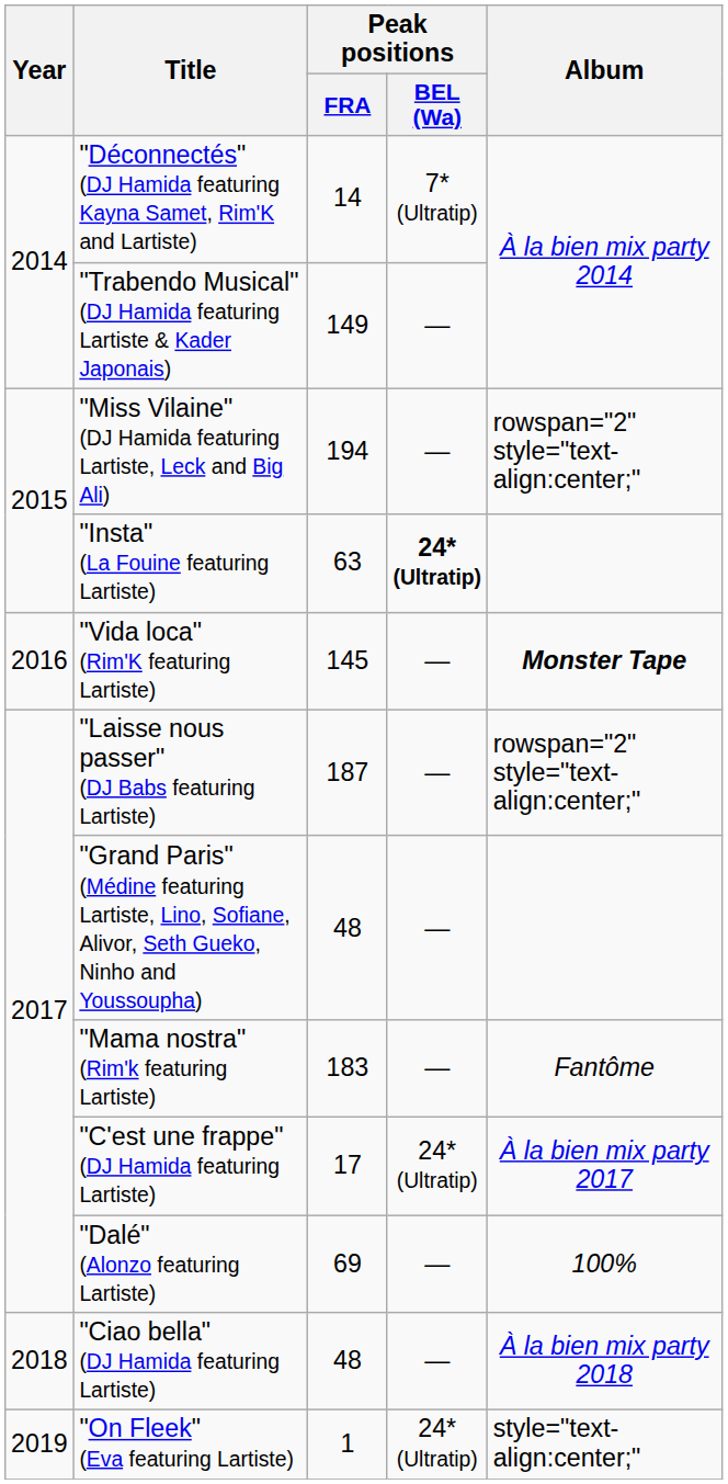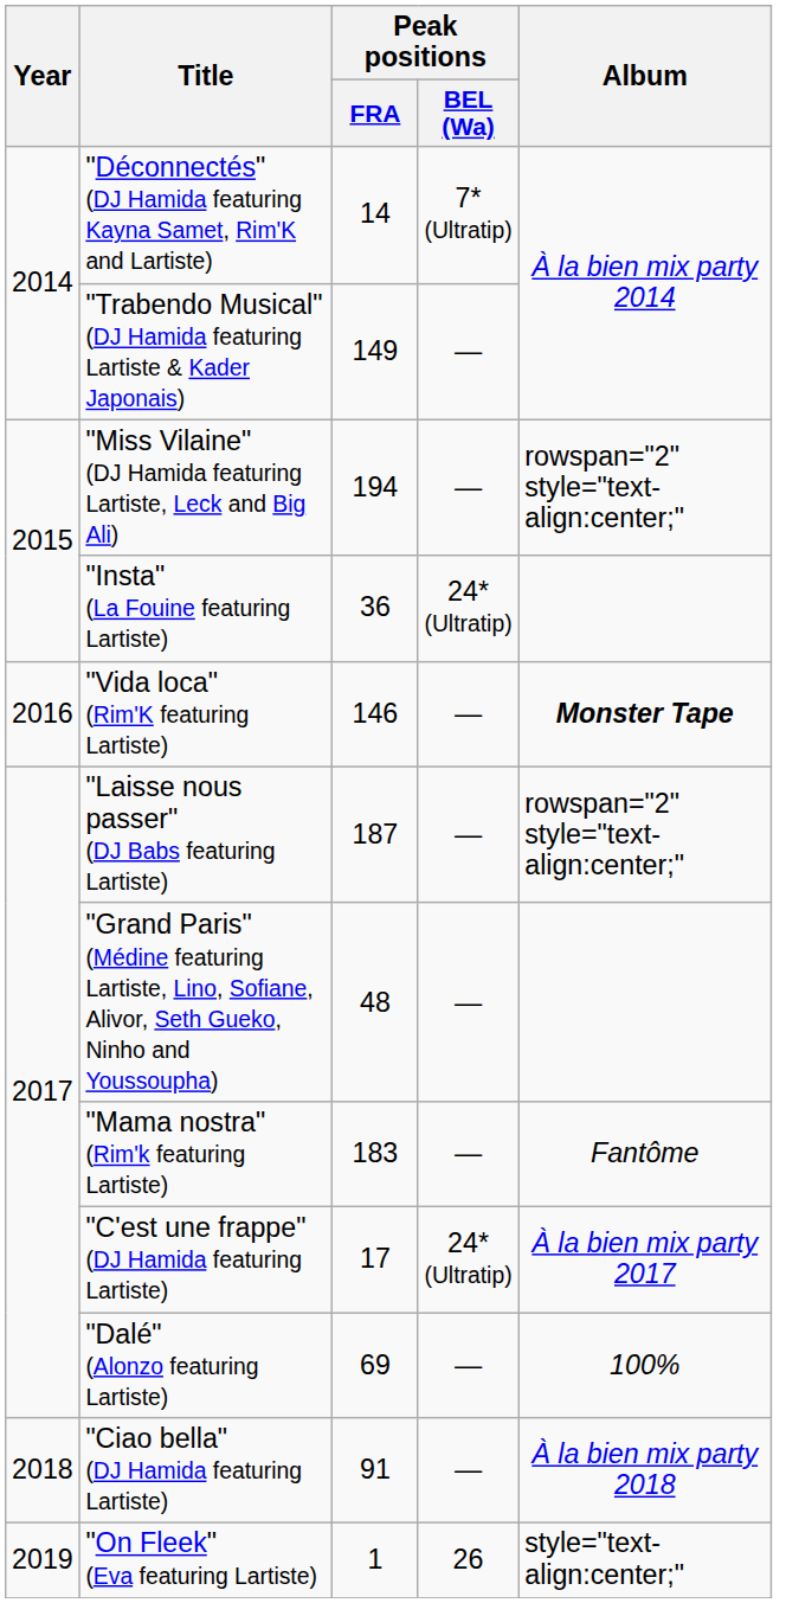 <table class="wikitable">
 <tr>
 <th align="center" rowspan="2" width="10">Year</th>
 <th align="center" rowspan="2" width="140">Title</th>
 <th align="center" colspan="2" width="20">Peak positions</th>
 <th align="center" rowspan="2" width="140">Album</th>
 </tr>
 <tr>
 <th scope="col" style="width:3em;font-size:90%;"><a href='#'>FRA</a><br></th>
 <th scope="col" style="width:3em;font-size:90%;"><a href='#'>BEL<br>(Wa)</a><br></th>
 </tr>
 <tr>
 <td style="text-align:center;" rowspan=2>2014</td>
 <td>"<a href='#'>Déconnectés</a>" <br><small>(<a href='#'>DJ Hamida</a> featuring <a href='#'>Kayna Samet</a>, <a href='#'>Rim'K</a> and Lartiste)</small></td>
 <td style="text-align:center;">14</td>
 <td style="text-align:center;">7*<br><small>(Ultratip)</small></td>
 <td style="text-align:center;" rowspan=2><em><a href='#'>À la bien mix party 2014</a></em></td>
 </tr>
 <tr>
 <td>"Trabendo Musical" <br><small>(<a href='#'>DJ Hamida</a> featuring Lartiste & <a href='#'>Kader Japonais</a>)</small></td>
 <td style="text-align:center;">149</td>
 <td style="text-align:center;">—</td>
 </tr>
 <tr>
 <td style="text-align:center;" rowspan=2>2015</td>
 <td>"Miss Vilaine" <br><small>(DJ Hamida featuring Lartiste, <a href='#'>Leck</a> and <a href='#'>Big Ali</a>)</small></td>
 <td style="text-align:center;">194</td>
 <td style="text-align:center;">—</td>
 <td>rowspan="2" style="text-align:center;" </td>
 </tr>
 <tr>
 <td>"Insta" <br><small>(<a href='#'>La Fouine</a> featuring Lartiste)</small></td>
-<td style="text-align:center;">63</td>
-<td style="text-align:center;"><strong>24*<br><small>(Ultratip)</small></strong></td>
+<td style="text-align:center;">36</td>
+<td style="text-align:center;">24*<br><small>(Ultratip)</small></td>
 </tr>
 <tr>
 <td style="text-align:center;">2016</td>
 <td>"Vida loca" <br><small>(<a href='#'>Rim'K</a> featuring Lartiste)</small></td>
-<td style="text-align:center;">145</td>
+<td style="text-align:center;">146</td>
 <td style="text-align:center;">—</td>
 <td style="text-align:center;"><strong><em>Monster Tape</em></strong></td>
 </tr>
 <tr>
 <td style="text-align:center;" rowspan=5>2017</td>
 <td>"Laisse nous passer" <br><small>(<a href='#'>DJ Babs</a> featuring Lartiste)</small></td>
 <td style="text-align:center;">187</td>
 <td style="text-align:center;">—</td>
 <td>rowspan="2" style="text-align:center;" </td>
 </tr>
 <tr>
 <td>"Grand Paris"<br><small>(<a href='#'>Médine</a> featuring Lartiste, <a href='#'>Lino</a>, <a href='#'>Sofiane</a>, Alivor, <a href='#'>Seth Gueko</a>, Ninho and <a href='#'>Youssoupha</a>)</small></td>
 <td style="text-align:center;">48</td>
 <td style="text-align:center;">—</td>
 </tr>
 <tr>
 <td>"Mama nostra" <br><small>(<a href='#'>Rim'k</a> featuring Lartiste)</small></td>
 <td style="text-align:center;">183</td>
 <td style="text-align:center;">—</td>
 <td style="text-align:center;"><em>Fantôme</em></td>
 </tr>
 <tr>
 <td>"C'est une frappe" <br><small>(<a href='#'>DJ Hamida</a> featuring Lartiste)</small></td>
 <td style="text-align:center;">17</td>
 <td style="text-align:center;">24*<br><small>(Ultratip)</small></td>
 <td style="text-align:center;"><em><a href='#'>À la bien mix party 2017</a></em></td>
 </tr>
 <tr>
 <td>"Dalé" <br><small>(<a href='#'>Alonzo</a> featuring Lartiste)</small></td>
 <td style="text-align:center;">69</td>
 <td style="text-align:center;">—</td>
 <td style="text-align:center;"><em>100%</em></td>
 </tr>
 <tr>
 <td style="text-align:center;">2018</td>
 <td>"Ciao bella"<br><small>(<a href='#'>DJ Hamida</a> featuring Lartiste)</small></td>
-<td style="text-align:center;">48</td>
+<td style="text-align:center;">91</td>
 <td style="text-align:center;">—</td>
 <td style="text-align:center;"><em><a href='#'>À la bien mix party 2018</a></em></td>
 </tr>
 <tr>
 <td style="text-align:center;">2019</td>
 <td>"<a href='#'>On Fleek</a>"<br><small>(<a href='#'>Eva</a> featuring Lartiste)</small></td>
 <td style="text-align:center;">1</td>
-<td style="text-align:center;">24*<br><small>(Ultratip)</small></td>
+<td style="text-align:center;">26</td>
 <td>style="text-align:center;"</td>
 </tr>
 </table>
